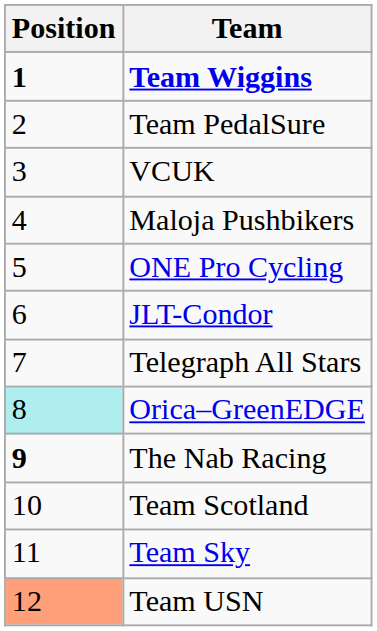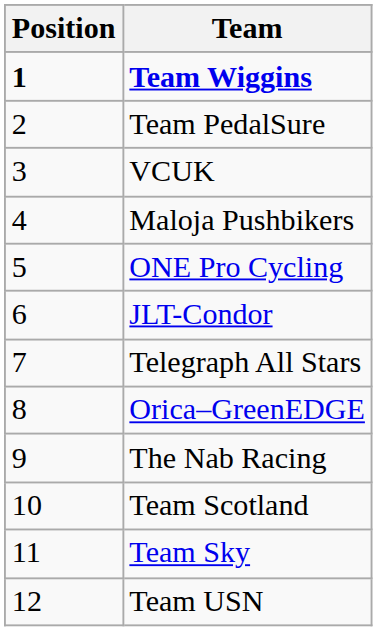 <table class="wikitable">
 <tr>
 <th>Position</th>
 <th>Team</th>
 </tr>
 <tr>
 <td><strong>1</strong></td>
 <td><strong><a href='#'>Team Wiggins</a></strong></td>
 </tr>
 <tr>
 <td>2</td>
 <td>Team PedalSure</td>
 </tr>
 <tr>
 <td>3</td>
 <td>VCUK</td>
 </tr>
 <tr>
 <td>4</td>
 <td>Maloja Pushbikers</td>
 </tr>
 <tr>
 <td>5</td>
 <td><a href='#'>ONE Pro Cycling</a></td>
 </tr>
 <tr>
 <td>6</td>
 <td><a href='#'>JLT-Condor</a></td>
 </tr>
 <tr>
 <td>7</td>
 <td>Telegraph All Stars</td>
 </tr>
 <tr>
-<td style="background: paleturquoise;">8</td>
+<td>8</td>
 <td><a href='#'>Orica–GreenEDGE</a></td>
 </tr>
 <tr>
-<td><strong>9</strong></td>
+<td>9</td>
 <td>The Nab Racing</td>
 </tr>
 <tr>
 <td>10</td>
 <td>Team Scotland</td>
 </tr>
 <tr>
 <td>11</td>
 <td><a href='#'>Team Sky</a></td>
 </tr>
 <tr>
-<td style="background: lightsalmon;">12</td>
+<td>12</td>
 <td>Team USN</td>
 </tr>
 </table>
